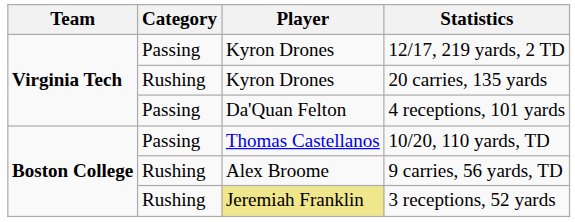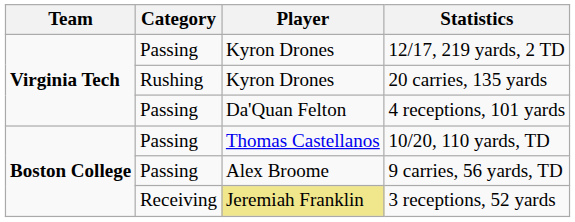 <table class="wikitable" style="float: right;">
 <tr>
 <th>Team</th>
 <th>Category</th>
 <th>Player</th>
 <th>Statistics</th>
 </tr>
 <tr>
 <td rowspan=3><strong>Virginia Tech</strong></td>
 <td>Passing</td>
 <td>Kyron Drones</td>
 <td>12/17, 219 yards, 2 TD</td>
 </tr>
 <tr>
 <td>Rushing</td>
 <td>Kyron Drones</td>
 <td>20 carries, 135 yards</td>
 </tr>
 <tr>
 <td>Passing</td>
 <td>Da'Quan Felton</td>
 <td>4 receptions, 101 yards</td>
 </tr>
 <tr>
 <td rowspan=3><strong>Boston College</strong></td>
 <td>Passing</td>
 <td><a href='#'>Thomas Castellanos</a></td>
 <td>10/20, 110 yards, TD</td>
 </tr>
 <tr>
-<td>Rushing</td>
+<td>Passing</td>
 <td>Alex Broome</td>
 <td>9 carries, 56 yards, TD</td>
 </tr>
 <tr>
-<td>Rushing</td>
+<td>Receiving</td>
 <td style="background: khaki;">Jeremiah Franklin</td>
 <td>3 receptions, 52 yards</td>
 </tr>
 </table>
